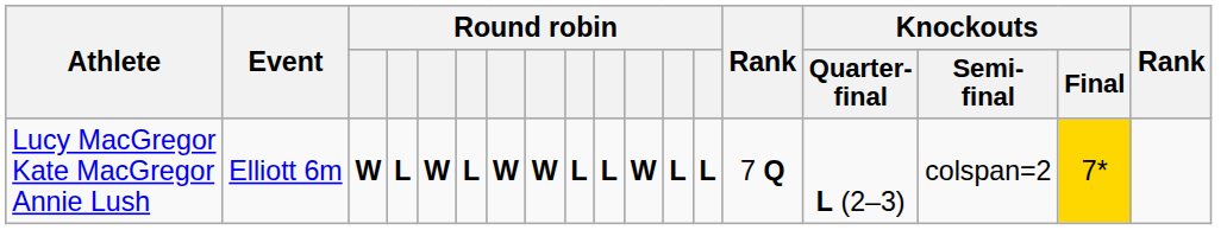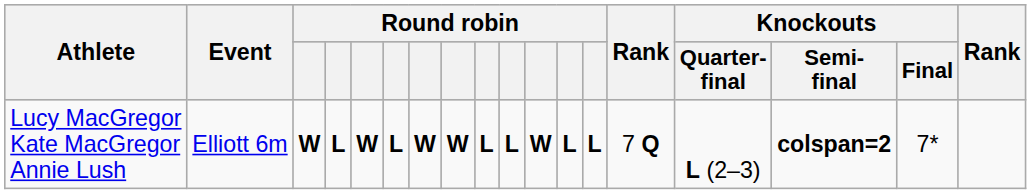 <table class="wikitable" style="text-align:center; font-size:90%">
 <tr>
 <th rowspan="2">Athlete</th>
 <th rowspan="2">Event</th>
 <th colspan="11">Round robin</th>
 <th rowspan="2">Rank</th>
 <th colspan="3">Knockouts</th>
 <th rowspan="2">Rank</th>
 </tr>
 <tr style="vertical-align:bottom; font-size:95%">
 <th></th>
 <th></th>
 <th></th>
 <th></th>
 <th></th>
 <th></th>
 <th></th>
 <th></th>
 <th></th>
 <th></th>
 <th></th>
 <th style="vertical-align:middle;">Quarter-<br>final</th>
 <th style="vertical-align:middle;">Semi-<br>final</th>
 <th style="vertical-align:middle;">Final</th>
 </tr>
 <tr>
 <td style="text-align:left;"><a href='#'>Lucy MacGregor</a><br> <a href='#'>Kate MacGregor</a> <br> <a href='#'>Annie Lush</a></td>
 <td style="text-align:left;"><a href='#'>Elliott 6m</a></td>
 <td><strong>W</strong></td>
 <td><strong>L</strong></td>
 <td><strong>W</strong></td>
 <td><strong>L</strong></td>
 <td><strong>W</strong></td>
 <td><strong>W</strong></td>
 <td><strong>L</strong></td>
 <td><strong>L</strong></td>
 <td><strong>W</strong></td>
 <td><strong>L</strong></td>
 <td><strong>L</strong></td>
 <td>7 <strong>Q</strong></td>
 <td style="vertical-align:bottom;"><br><strong>L</strong> (2–3)</td>
-<td>colspan=2 </td>
-<td style="background: gold;">7*</td>
+<td><strong>colspan=2 </strong></td>
+<td>7*</td>
 </tr>
 </table>
